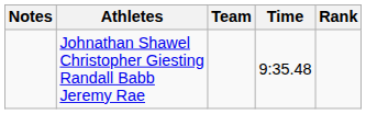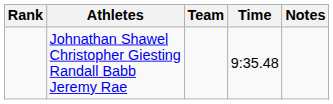 <table class="wikitable sortable">
 <tr>
-<th>Notes</th>
+<th>Rank</th>
 <th>Athletes</th>
 <th>Team</th>
 <th>Time</th>
-<th>Rank</th>
+<th>Notes</th>
 </tr>
 <tr>
-<td></td>
+<td align=center></td>
 <td><a href='#'>Johnathan Shawel</a><br><a href='#'>Christopher Giesting</a><br><a href='#'>Randall Babb</a><br><a href='#'>Jeremy Rae</a></td>
 <td></td>
 <td>9:35.48</td>
-<td align=center></td>
+<td></td>
 </tr>
 </table>
